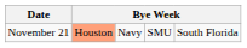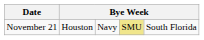 <table class="wikitable" style="font-size:95%;">
 <tr>
 <th>Date</th>
 <th colspan="8">Bye Week</th>
 </tr>
 <tr>
 <td>November 21</td>
-<td style="background: lightsalmon;">Houston</td>
+<td>Houston</td>
 <td>Navy</td>
-<td>SMU</td>
+<td style="background: khaki;">SMU</td>
 <td>South Florida</td>
 </tr>
 </table>
